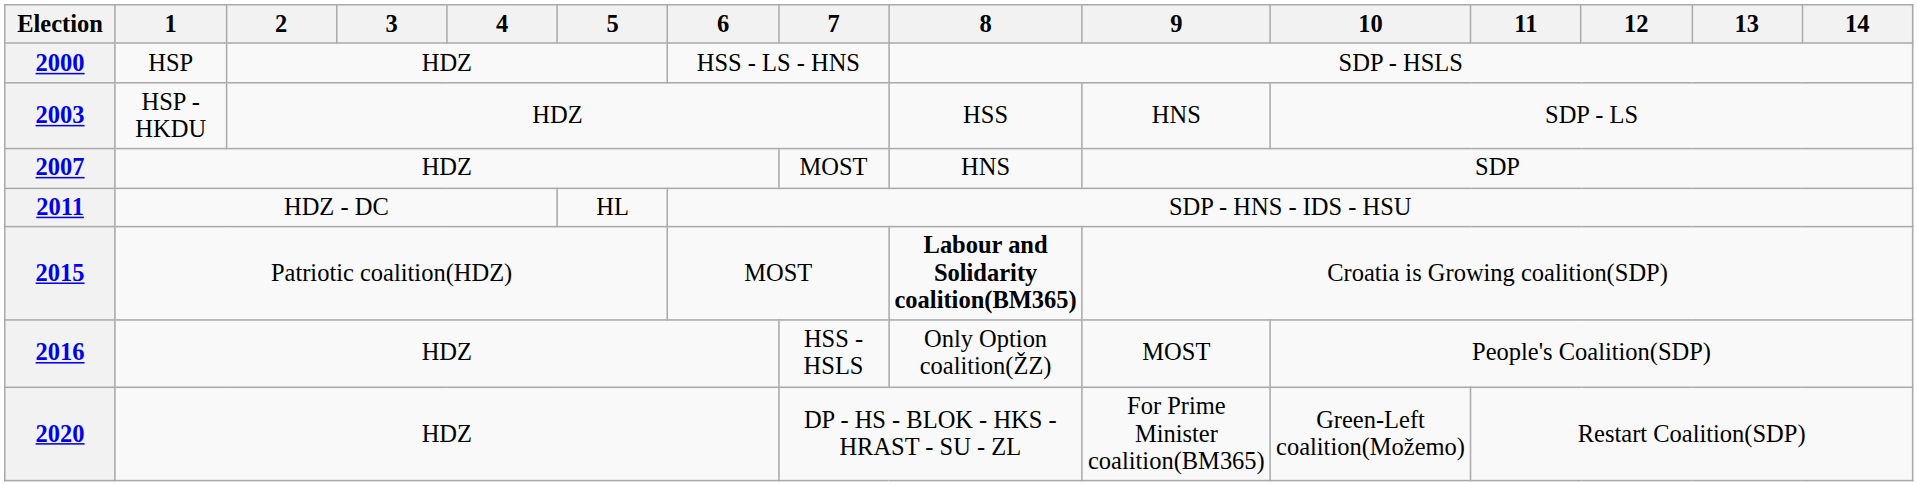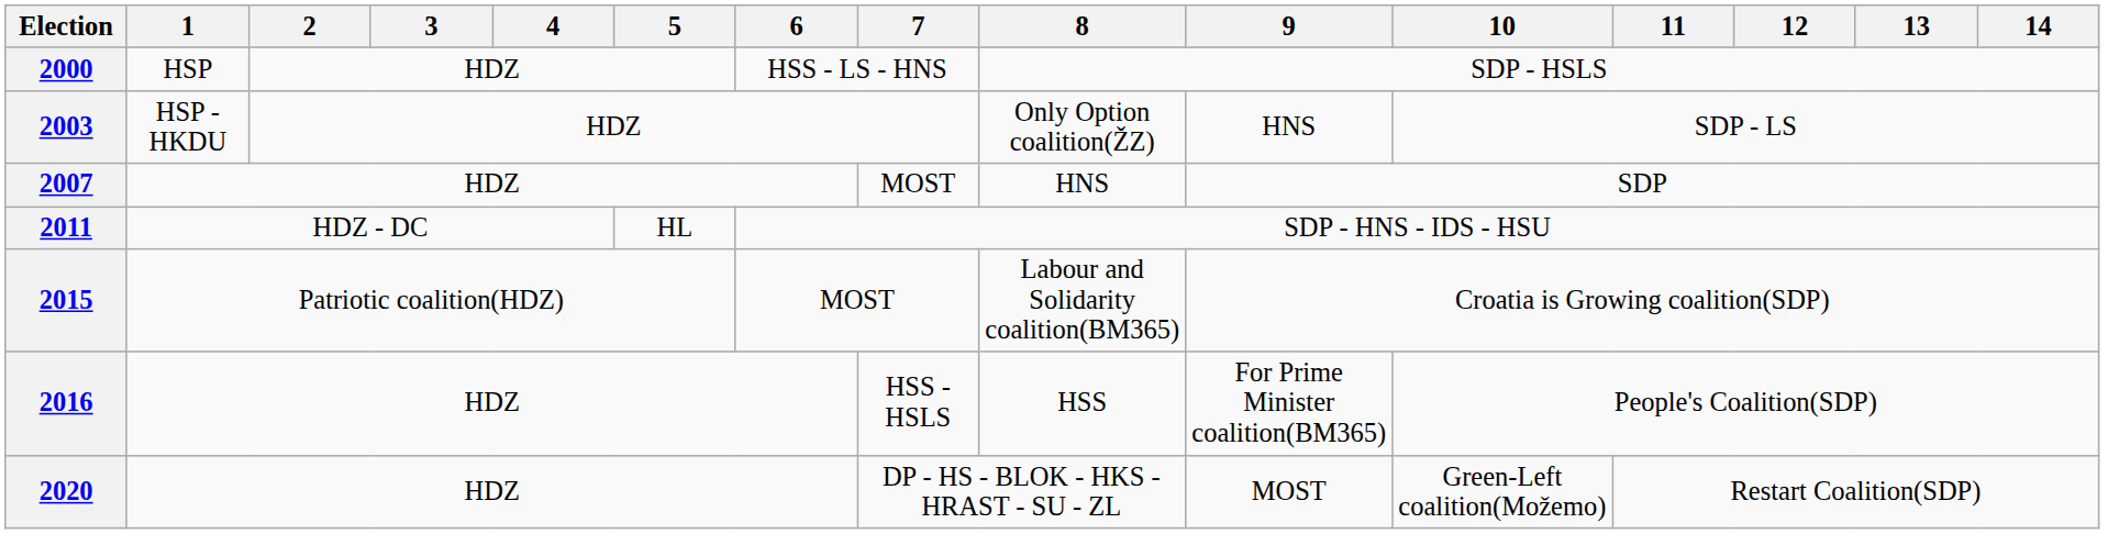 <table class=wikitable style="text-align: center;">
 <tr>
 <th style="width: 65px;">Election</th>
 <th style="width: 65px;">1</th>
 <th style="width: 65px;">2</th>
 <th style="width: 65px;">3</th>
 <th style="width: 65px;">4</th>
 <th style="width: 65px;">5</th>
 <th style="width: 65px;">6</th>
 <th style="width: 65px;">7</th>
 <th style="width: 65px;">8</th>
 <th style="width: 65px;">9</th>
 <th style="width: 65px;">10</th>
 <th style="width: 65px;">11</th>
 <th style="width: 65px;">12</th>
 <th style="width: 65px;">13</th>
 <th style="width: 65px;">14</th>
 </tr>
 <tr>
 <th><a href='#'>2000</a></th>
 <td style="background:">HSP</td>
 <td colspan=4 style="background:">HDZ</td>
 <td colspan=2 style="background:">HSS - LS - HNS</td>
 <td colspan=7 style="background:">SDP - HSLS</td>
 </tr>
 <tr>
 <th><a href='#'>2003</a></th>
 <td style="background:">HSP - HKDU</td>
 <td colspan=6 style="background:">HDZ</td>
-<td style="background:">HSS</td>
+<td style="background:">Only Option coalition(ŽZ)</td>
 <td style="background:">HNS</td>
 <td colspan=5 style="background:">SDP - LS</td>
 </tr>
 <tr>
 <th><a href='#'>2007</a></th>
 <td colspan=6 style="background:">HDZ</td>
 <td style="background:">MOST</td>
 <td style="background:">HNS</td>
 <td colspan=6 style="background:">SDP</td>
 </tr>
 <tr>
 <th><a href='#'>2011</a></th>
 <td colspan=4 style="background:">HDZ - DC</td>
 <td style="background:">HL</td>
 <td colspan=9 style="background:">SDP - HNS - IDS - HSU</td>
 </tr>
 <tr>
 <th><a href='#'>2015</a></th>
 <td colspan=5 style="background:">Patriotic coalition(HDZ)</td>
 <td colspan=2 style="background:">MOST</td>
-<td style="background:"><strong>Labour and Solidarity coalition(BM365)</strong></td>
+<td style="background:">Labour and Solidarity coalition(BM365)</td>
 <td colspan=6 style="background:">Croatia is Growing coalition(SDP)</td>
 </tr>
 <tr>
 <th><a href='#'>2016</a></th>
 <td colspan=6 style="background:">HDZ</td>
 <td style="background:">HSS - HSLS</td>
-<td style="background:">Only Option coalition(ŽZ)</td>
-<td style="background:">MOST</td>
+<td style="background:">HSS</td>
+<td style="background:">For Prime Minister coalition(BM365)</td>
 <td colspan=5 style="background:">People's Coalition(SDP)</td>
 </tr>
 <tr>
 <th><a href='#'>2020</a></th>
 <td colspan=6 style="background:">HDZ</td>
 <td colspan=2 style="background:">DP - HS - BLOK - HKS - HRAST - SU - ZL</td>
-<td style="background:">For Prime Minister coalition(BM365)</td>
+<td style="background:">MOST</td>
 <td style="background:">Green-Left coalition(Možemo)</td>
 <td colspan=4 style="background:">Restart Coalition(SDP)</td>
 </tr>
 </table>
